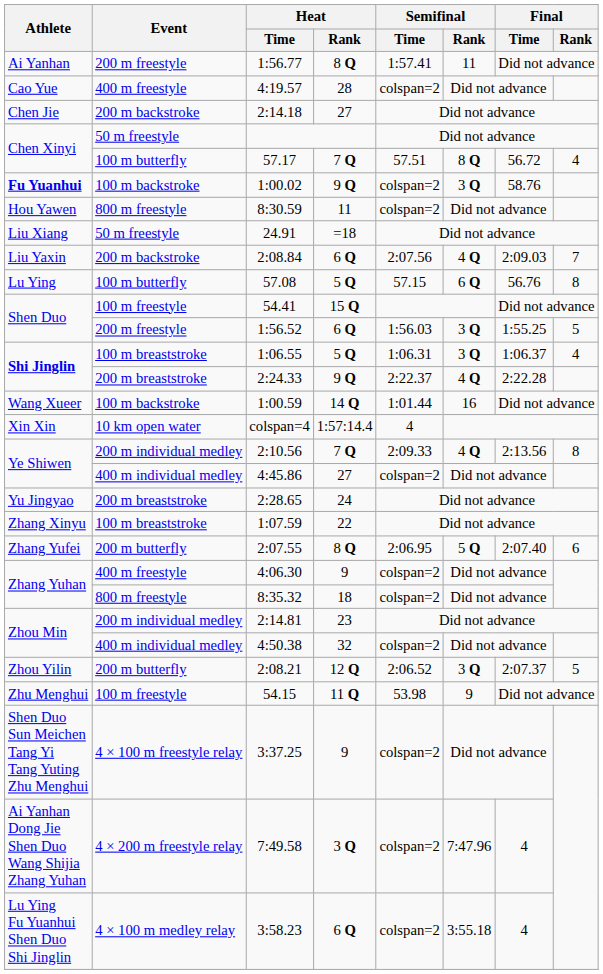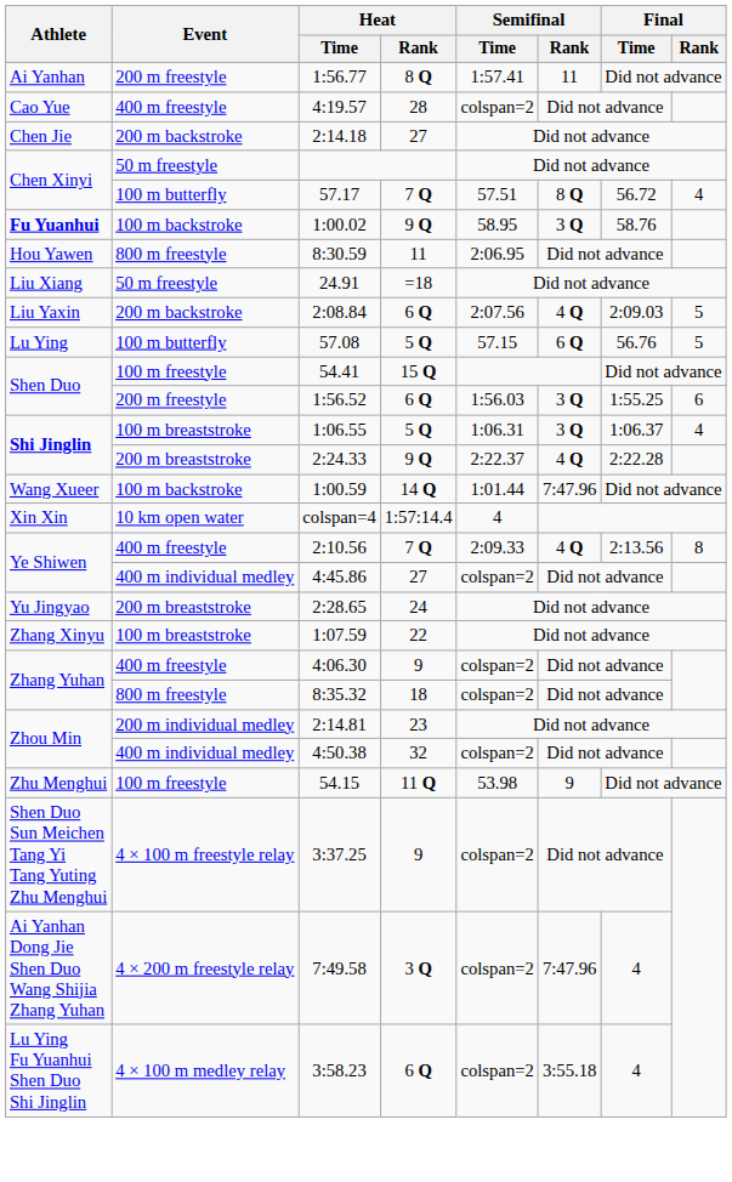 <table class=wikitable style="font-size:90%">
 <tr>
 <th rowspan="2">Athlete</th>
 <th rowspan="2">Event</th>
 <th colspan="2">Heat</th>
 <th colspan="2">Semifinal</th>
 <th colspan="2">Final</th>
 </tr>
 <tr style="font-size:95%">
 <th>Time</th>
 <th>Rank</th>
 <th>Time</th>
 <th>Rank</th>
 <th>Time</th>
 <th>Rank</th>
 </tr>
 <tr align=center>
 <td align=left><a href='#'>Ai Yanhan</a></td>
 <td align=left><a href='#'>200 m freestyle</a></td>
 <td>1:56.77</td>
 <td>8 <strong>Q</strong></td>
 <td>1:57.41</td>
 <td>11</td>
 <td colspan=2>Did not advance</td>
 </tr>
 <tr align=center>
 <td align=left><a href='#'>Cao Yue</a></td>
 <td align=left><a href='#'>400 m freestyle</a></td>
 <td>4:19.57</td>
 <td>28</td>
 <td>colspan=2 </td>
 <td colspan=2>Did not advance</td>
 </tr>
 <tr align=center>
 <td align=left><a href='#'>Chen Jie</a></td>
 <td align=left><a href='#'>200 m backstroke</a></td>
 <td>2:14.18</td>
 <td>27</td>
 <td colspan=4>Did not advance</td>
 </tr>
 <tr align=center>
 <td align=left rowspan=2><a href='#'>Chen Xinyi</a></td>
 <td align=left><a href='#'>50 m freestyle</a></td>
 <td colspan=2></td>
 <td colspan=4>Did not advance</td>
 </tr>
 <tr align=center>
 <td align=left><a href='#'>100 m butterfly</a></td>
 <td>57.17</td>
 <td>7 <strong>Q</strong></td>
 <td>57.51</td>
 <td>8 <strong>Q</strong></td>
 <td>56.72</td>
 <td>4</td>
 </tr>
 <tr align=center>
 <td align=left><strong><a href='#'>Fu Yuanhui</a></strong></td>
 <td align=left><a href='#'>100 m backstroke</a></td>
 <td>1:00.02</td>
 <td>9 <strong>Q</strong></td>
-<td>colspan=2 </td>
+<td>58.95</td>
 <td>3 <strong>Q</strong></td>
 <td>58.76</td>
 <td></td>
 </tr>
 <tr align=center>
 <td align=left><a href='#'>Hou Yawen</a></td>
 <td align=left><a href='#'>800 m freestyle</a></td>
 <td>8:30.59</td>
 <td>11</td>
-<td>colspan=2 </td>
+<td>2:06.95</td>
 <td colspan=2>Did not advance</td>
 </tr>
 <tr align=center>
 <td align=left><a href='#'>Liu Xiang</a></td>
 <td align=left><a href='#'>50 m freestyle</a></td>
 <td>24.91</td>
 <td>=18</td>
 <td colspan=4>Did not advance</td>
 </tr>
 <tr align=center>
 <td align=left><a href='#'>Liu Yaxin</a></td>
 <td align=left><a href='#'>200 m backstroke</a></td>
 <td>2:08.84</td>
 <td>6 <strong>Q</strong></td>
 <td>2:07.56</td>
 <td>4 <strong>Q</strong></td>
 <td>2:09.03</td>
-<td>7</td>
+<td>5</td>
 </tr>
 <tr align=center>
 <td align=left><a href='#'>Lu Ying</a></td>
 <td align=left><a href='#'>100 m butterfly</a></td>
 <td>57.08</td>
 <td>5 <strong>Q</strong></td>
 <td>57.15</td>
 <td>6 <strong>Q</strong></td>
 <td>56.76</td>
-<td>8</td>
+<td>5</td>
 </tr>
 <tr align=center>
 <td align=left rowspan=2><a href='#'>Shen Duo</a></td>
 <td align=left><a href='#'>100 m freestyle</a></td>
 <td>54.41</td>
 <td>15 <strong>Q</strong></td>
 <td colspan=2></td>
 <td colspan=2>Did not advance</td>
 </tr>
 <tr align=center>
 <td align=left><a href='#'>200 m freestyle</a></td>
 <td>1:56.52</td>
 <td>6 <strong>Q</strong></td>
 <td>1:56.03</td>
 <td>3 <strong>Q</strong></td>
 <td>1:55.25</td>
-<td>5</td>
+<td>6</td>
 </tr>
 <tr align=center>
 <td align=left rowspan=2><strong><a href='#'>Shi Jinglin</a></strong></td>
 <td align=left><a href='#'>100 m breaststroke</a></td>
 <td>1:06.55</td>
 <td>5 <strong>Q</strong></td>
 <td>1:06.31</td>
 <td>3 <strong>Q</strong></td>
 <td>1:06.37</td>
 <td>4</td>
 </tr>
 <tr align=center>
 <td align=left><a href='#'>200 m breaststroke</a></td>
 <td>2:24.33</td>
 <td>9 <strong>Q</strong></td>
 <td>2:22.37</td>
 <td>4 <strong>Q</strong></td>
 <td>2:22.28</td>
 <td></td>
 </tr>
 <tr align=center>
 <td align=left><a href='#'>Wang Xueer</a></td>
 <td align=left><a href='#'>100 m backstroke</a></td>
 <td>1:00.59</td>
 <td>14 <strong>Q</strong></td>
 <td>1:01.44</td>
-<td>16</td>
+<td>7:47.96</td>
 <td colspan=2>Did not advance</td>
 </tr>
 <tr align=center>
 <td align=left><a href='#'>Xin Xin</a></td>
 <td align=left><a href='#'>10 km open water</a></td>
 <td>colspan=4 </td>
 <td>1:57:14.4</td>
 <td>4</td>
 </tr>
 <tr align=center>
 <td align=left rowspan=2><a href='#'>Ye Shiwen</a></td>
-<td align=left><a href='#'>200 m individual medley</a></td>
+<td align=left><a href='#'>400 m freestyle</a></td>
 <td>2:10.56</td>
 <td>7 <strong>Q</strong></td>
 <td>2:09.33</td>
 <td>4 <strong>Q</strong></td>
 <td>2:13.56</td>
 <td>8</td>
 </tr>
 <tr align=center>
 <td align=left><a href='#'>400 m individual medley</a></td>
 <td>4:45.86</td>
 <td>27</td>
 <td>colspan=2 </td>
 <td colspan=2>Did not advance</td>
 </tr>
 <tr align=center>
 <td align=left><a href='#'>Yu Jingyao</a></td>
 <td align=left><a href='#'>200 m breaststroke</a></td>
 <td>2:28.65</td>
 <td>24</td>
 <td colspan=4>Did not advance</td>
 </tr>
 <tr align=center>
 <td align=left><a href='#'>Zhang Xinyu</a></td>
 <td align=left><a href='#'>100 m breaststroke</a></td>
 <td>1:07.59</td>
 <td>22</td>
 <td colspan=4>Did not advance</td>
 </tr>
 <tr align=center>
-<td align=left><a href='#'>Zhang Yufei</a></td>
-<td align=left><a href='#'>200 m butterfly</a></td>
-<td>2:07.55</td>
-<td>8 <strong>Q</strong></td>
-<td>2:06.95</td>
-<td>5 <strong>Q</strong></td>
-<td>2:07.40</td>
-<td>6</td>
-</tr>
-<tr align=center>
 <td align=left rowspan=2><a href='#'>Zhang Yuhan</a></td>
 <td align=left><a href='#'>400 m freestyle</a></td>
 <td>4:06.30</td>
 <td>9</td>
 <td>colspan=2 </td>
 <td colspan=2>Did not advance</td>
 </tr>
 <tr align=center>
 <td align=left><a href='#'>800 m freestyle</a></td>
 <td>8:35.32</td>
 <td>18</td>
 <td>colspan=2 </td>
 <td colspan=2>Did not advance</td>
 </tr>
 <tr align=center>
 <td align=left rowspan=2><a href='#'>Zhou Min</a></td>
 <td align=left><a href='#'>200 m individual medley</a></td>
 <td>2:14.81</td>
 <td>23</td>
 <td colspan=4>Did not advance</td>
 </tr>
 <tr align=center>
 <td align=left><a href='#'>400 m individual medley</a></td>
 <td>4:50.38</td>
 <td>32</td>
 <td>colspan=2 </td>
 <td colspan=2>Did not advance</td>
-</tr>
-<tr align=center>
-<td align=left><a href='#'>Zhou Yilin</a></td>
-<td align=left><a href='#'>200 m butterfly</a></td>
-<td>2:08.21</td>
-<td>12 <strong>Q</strong></td>
-<td>2:06.52</td>
-<td>3 <strong>Q</strong></td>
-<td>2:07.37</td>
-<td>5</td>
 </tr>
 <tr align=center>
 <td align=left><a href='#'>Zhu Menghui</a></td>
 <td align=left><a href='#'>100 m freestyle</a></td>
 <td>54.15</td>
 <td>11 <strong>Q</strong></td>
 <td>53.98</td>
 <td>9</td>
 <td colspan=2>Did not advance</td>
 </tr>
 <tr align=center>
 <td align=left><a href='#'>Shen Duo</a><br><a href='#'>Sun Meichen</a><br><a href='#'>Tang Yi</a><br><a href='#'>Tang Yuting</a><br><a href='#'>Zhu Menghui</a></td>
 <td align=left><a href='#'>4 × 100 m freestyle relay</a></td>
 <td>3:37.25</td>
 <td>9</td>
 <td>colspan=2 </td>
 <td colspan=2>Did not advance</td>
 </tr>
 <tr align=center>
 <td align=left><a href='#'>Ai Yanhan</a><br><a href='#'>Dong Jie</a><br><a href='#'>Shen Duo</a><br><a href='#'>Wang Shijia</a><br><a href='#'>Zhang Yuhan</a></td>
 <td align=left><a href='#'>4 × 200 m freestyle relay</a></td>
 <td>7:49.58</td>
 <td>3 <strong>Q</strong></td>
 <td>colspan=2 </td>
 <td>7:47.96</td>
 <td>4</td>
 </tr>
 <tr align=center>
 <td align=left><a href='#'>Lu Ying</a><br><a href='#'>Fu Yuanhui</a><br><a href='#'>Shen Duo</a><br><a href='#'>Shi Jinglin</a></td>
 <td align=left><a href='#'>4 × 100 m medley relay</a></td>
 <td>3:58.23</td>
 <td>6 <strong>Q</strong></td>
 <td>colspan=2 </td>
 <td>3:55.18</td>
 <td>4</td>
 </tr>
 </table>
